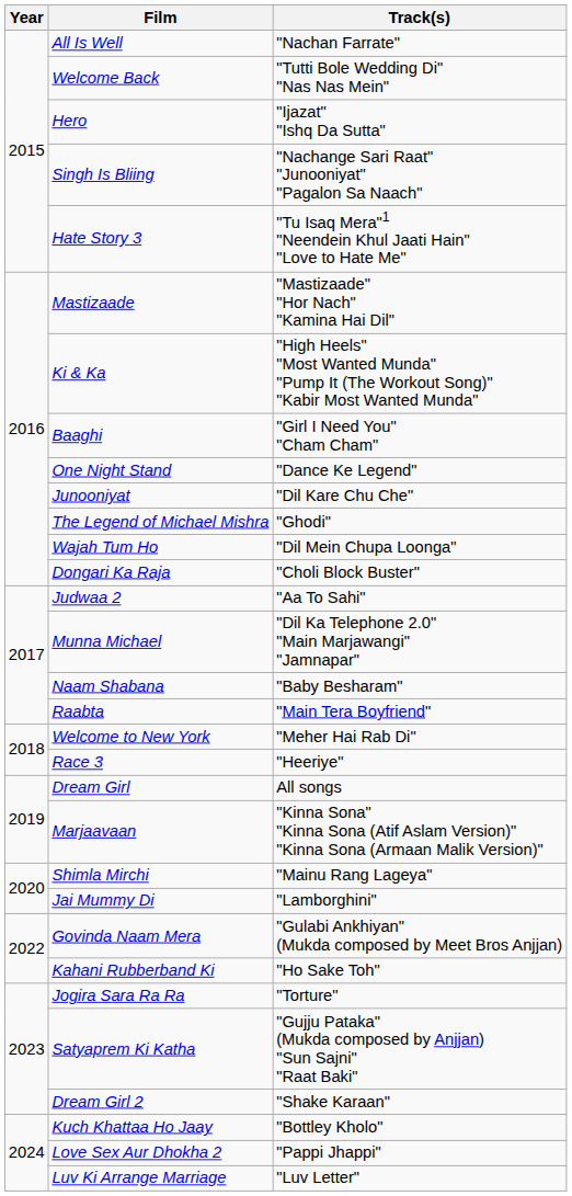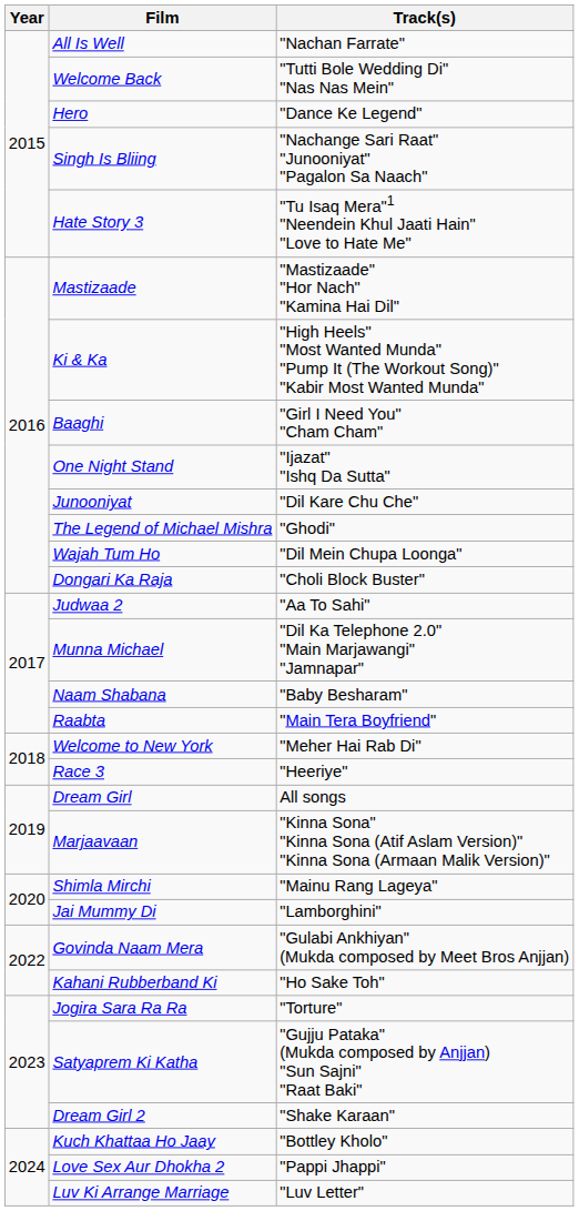 <table class="wikitable sortable">
 <tr>
 <th>Year</th>
 <th>Film</th>
 <th>Track(s)</th>
 </tr>
 <tr>
 <td rowspan="5">2015</td>
 <td><em><a href='#'>All Is Well</a></em></td>
 <td>"Nachan Farrate"</td>
 </tr>
 <tr>
 <td><em><a href='#'>Welcome Back</a></em></td>
 <td>"Tutti Bole Wedding Di"<br>"Nas Nas Mein"<br></td>
 </tr>
 <tr>
 <td><em><a href='#'>Hero</a></em></td>
-<td>"Ijazat"<br>"Ishq Da Sutta"</td>
+<td>"Dance Ke Legend"</td>
 </tr>
 <tr>
 <td><em><a href='#'>Singh Is Bliing</a></em></td>
 <td>"Nachange Sari Raat"<br>"Junooniyat"<br>"Pagalon Sa Naach"</td>
 </tr>
 <tr>
 <td><em><a href='#'>Hate Story 3</a></em></td>
 <td>"Tu Isaq Mera"<sup>1</sup><br>"Neendein Khul Jaati Hain"<br>"Love to Hate Me"</td>
 </tr>
 <tr>
 <td rowspan="8">2016</td>
 <td><em><a href='#'>Mastizaade</a></em></td>
 <td>"Mastizaade"<br>"Hor Nach"<br>"Kamina Hai Dil"</td>
 </tr>
 <tr>
 <td><em><a href='#'>Ki & Ka</a></em></td>
 <td>"High Heels"<br>"Most Wanted Munda"<br>"Pump It (The Workout Song)"<br>"Kabir Most Wanted Munda"</td>
 </tr>
 <tr>
 <td><em><a href='#'>Baaghi</a></em></td>
 <td>"Girl I Need You"<br>"Cham Cham"</td>
 </tr>
 <tr>
 <td><em><a href='#'>One Night Stand</a></em></td>
-<td>"Dance Ke Legend"</td>
+<td>"Ijazat"<br>"Ishq Da Sutta"</td>
 </tr>
 <tr>
 <td><em><a href='#'>Junooniyat</a></em></td>
 <td>"Dil Kare Chu Che"</td>
 </tr>
 <tr>
 <td><em><a href='#'>The Legend of Michael Mishra</a></em></td>
 <td>"Ghodi"</td>
 </tr>
 <tr>
 <td><em><a href='#'>Wajah Tum Ho</a></em></td>
 <td>"Dil Mein Chupa Loonga"</td>
 </tr>
 <tr>
 <td><em><a href='#'>Dongari Ka Raja</a></em></td>
 <td>"Choli Block Buster"</td>
 </tr>
 <tr>
 <td rowspan="4">2017</td>
 <td><em><a href='#'>Judwaa 2</a></em></td>
 <td>"Aa To Sahi"</td>
 </tr>
 <tr>
 <td><em><a href='#'>Munna Michael</a></em></td>
 <td>"Dil Ka Telephone 2.0"<br>"Main Marjawangi"<br>"Jamnapar"</td>
 </tr>
 <tr>
 <td><em><a href='#'>Naam Shabana</a></em></td>
 <td>"Baby Besharam"</td>
 </tr>
 <tr>
 <td><em><a href='#'>Raabta</a></em></td>
 <td>"<a href='#'>Main Tera Boyfriend</a>"</td>
 </tr>
 <tr>
 <td rowspan="2">2018</td>
 <td><em><a href='#'>Welcome to New York</a></em></td>
 <td>"Meher Hai Rab Di"</td>
 </tr>
 <tr>
 <td><em><a href='#'>Race 3</a></em></td>
 <td>"Heeriye"</td>
 </tr>
 <tr>
 <td rowspan=2>2019</td>
 <td><em><a href='#'>Dream Girl</a></em></td>
 <td>All songs</td>
 </tr>
 <tr>
 <td><em><a href='#'>Marjaavaan</a></em></td>
 <td>"Kinna Sona"<br>"Kinna Sona (Atif Aslam Version)"<br>"Kinna Sona (Armaan Malik Version)"</td>
 </tr>
 <tr>
 <td rowspan=2>2020</td>
 <td><em><a href='#'>Shimla Mirchi</a></em></td>
 <td>"Mainu Rang Lageya"</td>
 </tr>
 <tr>
 <td><em><a href='#'>Jai Mummy Di</a></em></td>
 <td>"Lamborghini"</td>
 </tr>
 <tr>
 <td rowspan=2>2022</td>
 <td><em><a href='#'>Govinda Naam Mera</a></em></td>
 <td>"Gulabi Ankhiyan"<br>(Mukda composed by Meet Bros Anjjan)</td>
 </tr>
 <tr>
 <td><em><a href='#'>Kahani Rubberband Ki</a></em></td>
 <td>"Ho Sake Toh"</td>
 </tr>
 <tr>
 <td rowspan=3>2023</td>
 <td><em><a href='#'>Jogira Sara Ra Ra</a></em></td>
 <td>"Torture"</td>
 </tr>
 <tr>
 <td><em><a href='#'>Satyaprem Ki Katha</a></em></td>
 <td>"Gujju Pataka"<br>(Mukda composed by <a href='#'>Anjjan</a>)<br>"Sun Sajni"<br>"Raat Baki"</td>
 </tr>
 <tr>
 <td><em><a href='#'>Dream Girl 2</a></em></td>
 <td>"Shake Karaan"</td>
 </tr>
 <tr>
 <td rowspan=3>2024</td>
 <td><em><a href='#'>Kuch Khattaa Ho Jaay</a></em></td>
 <td>"Bottley Kholo"</td>
 </tr>
 <tr>
 <td><em><a href='#'>Love Sex Aur Dhokha 2</a></em></td>
 <td>"Pappi Jhappi"</td>
 </tr>
 <tr>
 <td><em><a href='#'>Luv Ki Arrange Marriage</a></em></td>
 <td>"Luv Letter"</td>
 </tr>
 </table>
